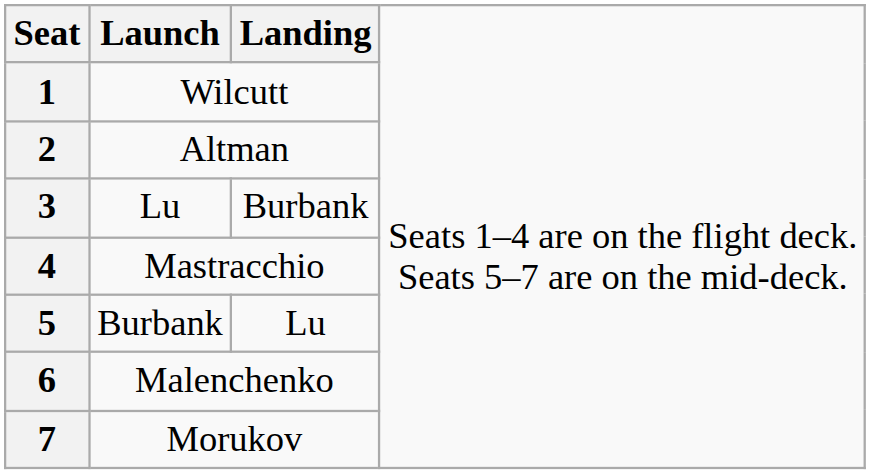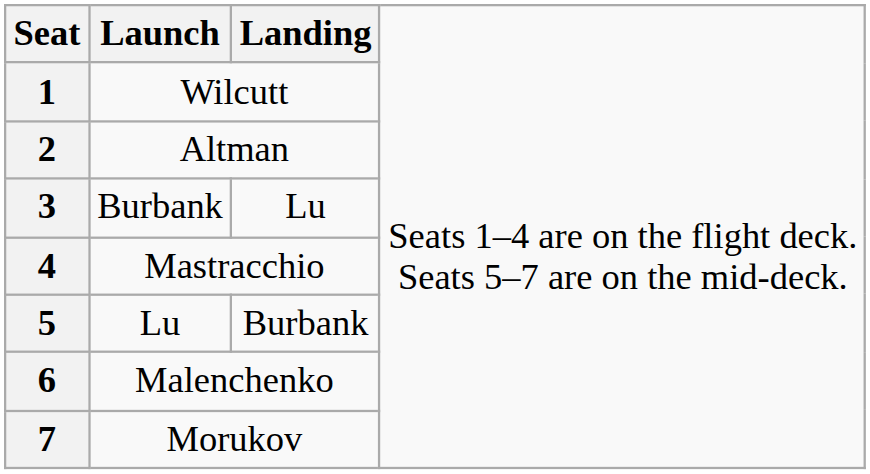 <table class="wikitable" style="text-align:center">
 <tr>
 <th>Seat</th>
 <th>Launch</th>
 <th>Landing</th>
 <td rowspan=8><br>Seats 1–4 are on the flight deck.<br>Seats 5–7 are on the mid-deck.</td>
 </tr>
 <tr>
 <th>1</th>
 <td colspan=2>Wilcutt</td>
 </tr>
 <tr>
 <th>2</th>
 <td colspan=2>Altman</td>
 </tr>
 <tr>
 <th>3</th>
+<td>Burbank</td>
 <td>Lu</td>
-<td>Burbank</td>
 </tr>
 <tr>
 <th>4</th>
 <td colspan=2>Mastracchio</td>
 </tr>
 <tr>
 <th>5</th>
+<td>Lu</td>
 <td>Burbank</td>
-<td>Lu</td>
 </tr>
 <tr>
 <th>6</th>
 <td colspan=2>Malenchenko</td>
 </tr>
 <tr>
 <th>7</th>
 <td colspan=2>Morukov</td>
 </tr>
 </table>
